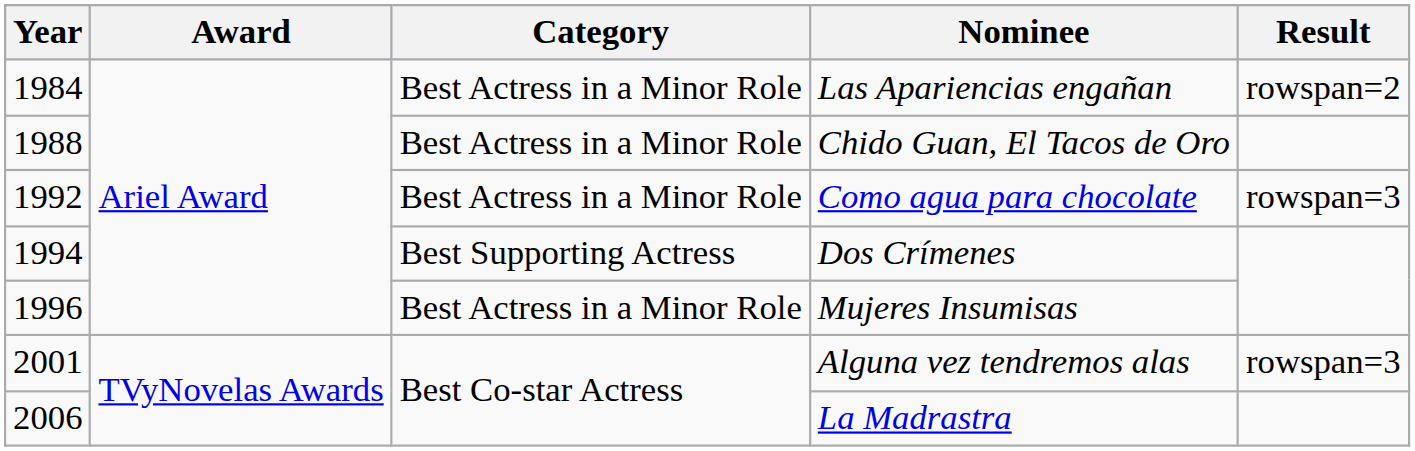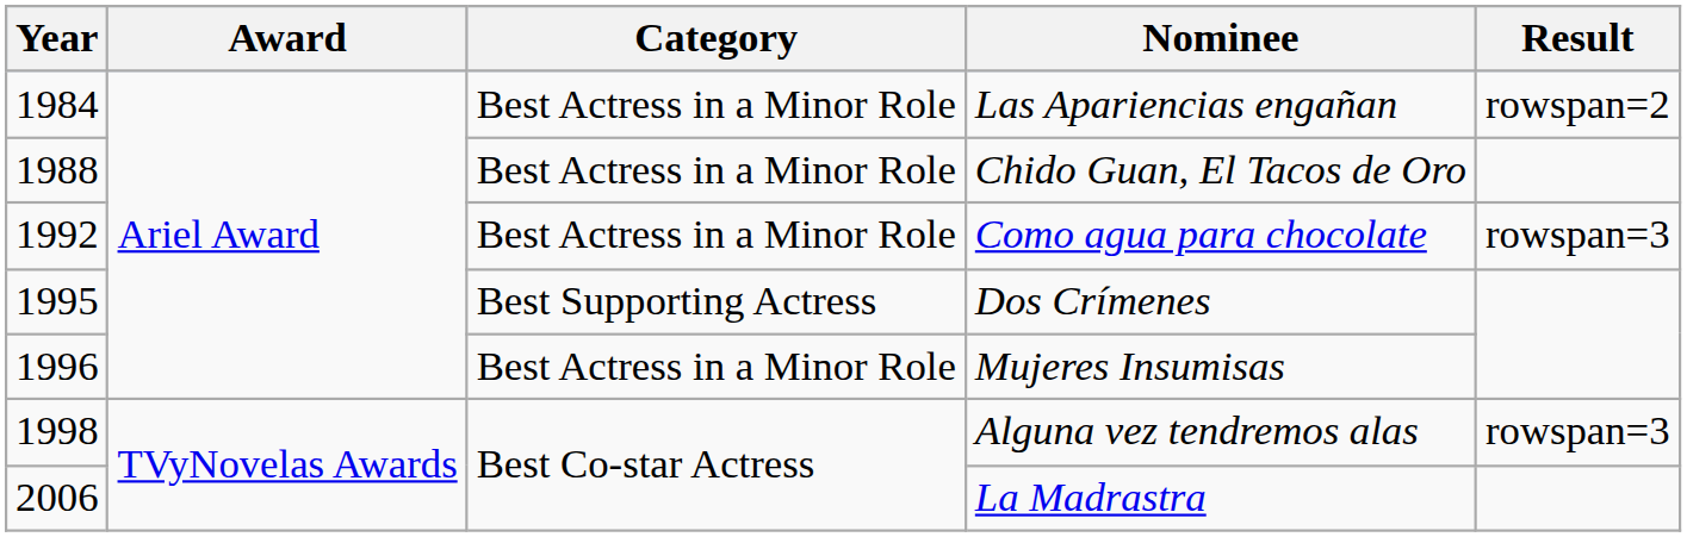 <table class="wikitable">
 <tr style="background:#b0c4de;">
 <th>Year</th>
 <th>Award</th>
 <th>Category</th>
 <th>Nominee</th>
 <th>Result</th>
 </tr>
 <tr>
 <td>1984</td>
 <td rowspan=5><a href='#'>Ariel Award</a></td>
 <td>Best Actress in a Minor Role</td>
 <td><em>Las Apariencias engañan</em></td>
 <td>rowspan=2 </td>
 </tr>
 <tr>
 <td>1988</td>
 <td>Best Actress in a Minor Role</td>
 <td><em>Chido Guan, El Tacos de Oro</em></td>
 </tr>
 <tr>
 <td>1992</td>
 <td>Best Actress in a Minor Role</td>
 <td><em><a href='#'>Como agua para chocolate</a></em></td>
 <td>rowspan=3 </td>
 </tr>
 <tr>
-<td>1994</td>
+<td>1995</td>
 <td>Best Supporting Actress</td>
 <td><em>Dos Crímenes</em></td>
 </tr>
 <tr>
 <td>1996</td>
 <td>Best Actress in a Minor Role</td>
 <td><em>Mujeres Insumisas</em></td>
 </tr>
 <tr>
-<td>2001</td>
+<td>1998</td>
 <td rowspan=2><a href='#'>TVyNovelas Awards</a></td>
 <td rowspan=2>Best Co-star Actress</td>
 <td><em>Alguna vez tendremos alas</em></td>
 <td>rowspan=3 </td>
 </tr>
 <tr>
 <td>2006</td>
 <td><em><a href='#'>La Madrastra</a></em></td>
 </tr>
 </table>
